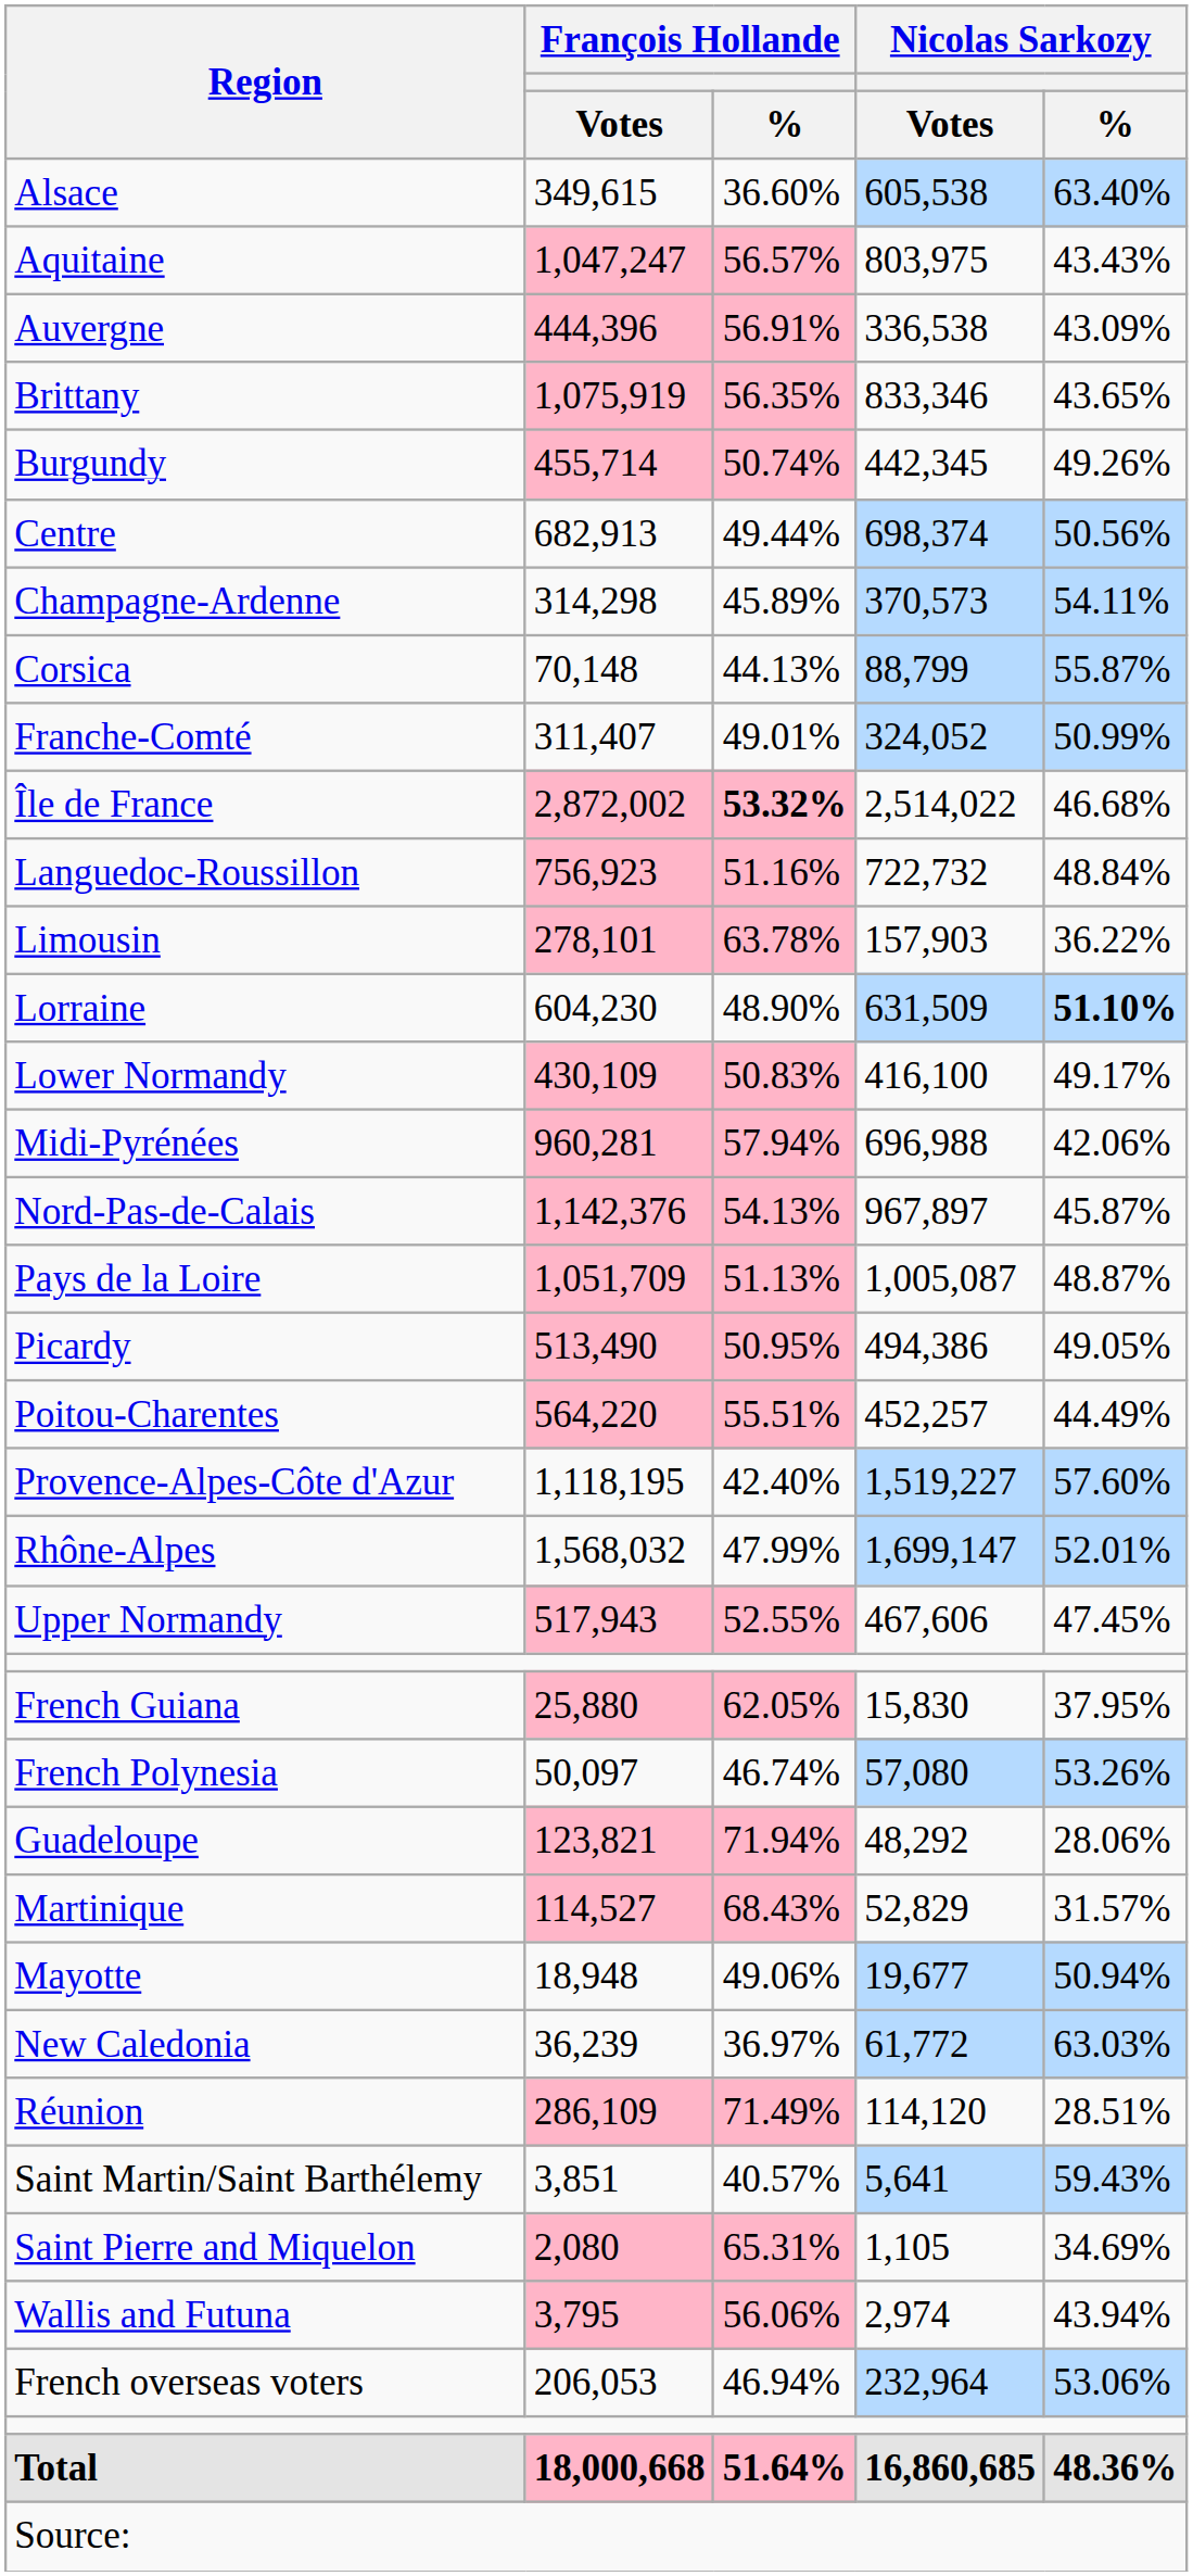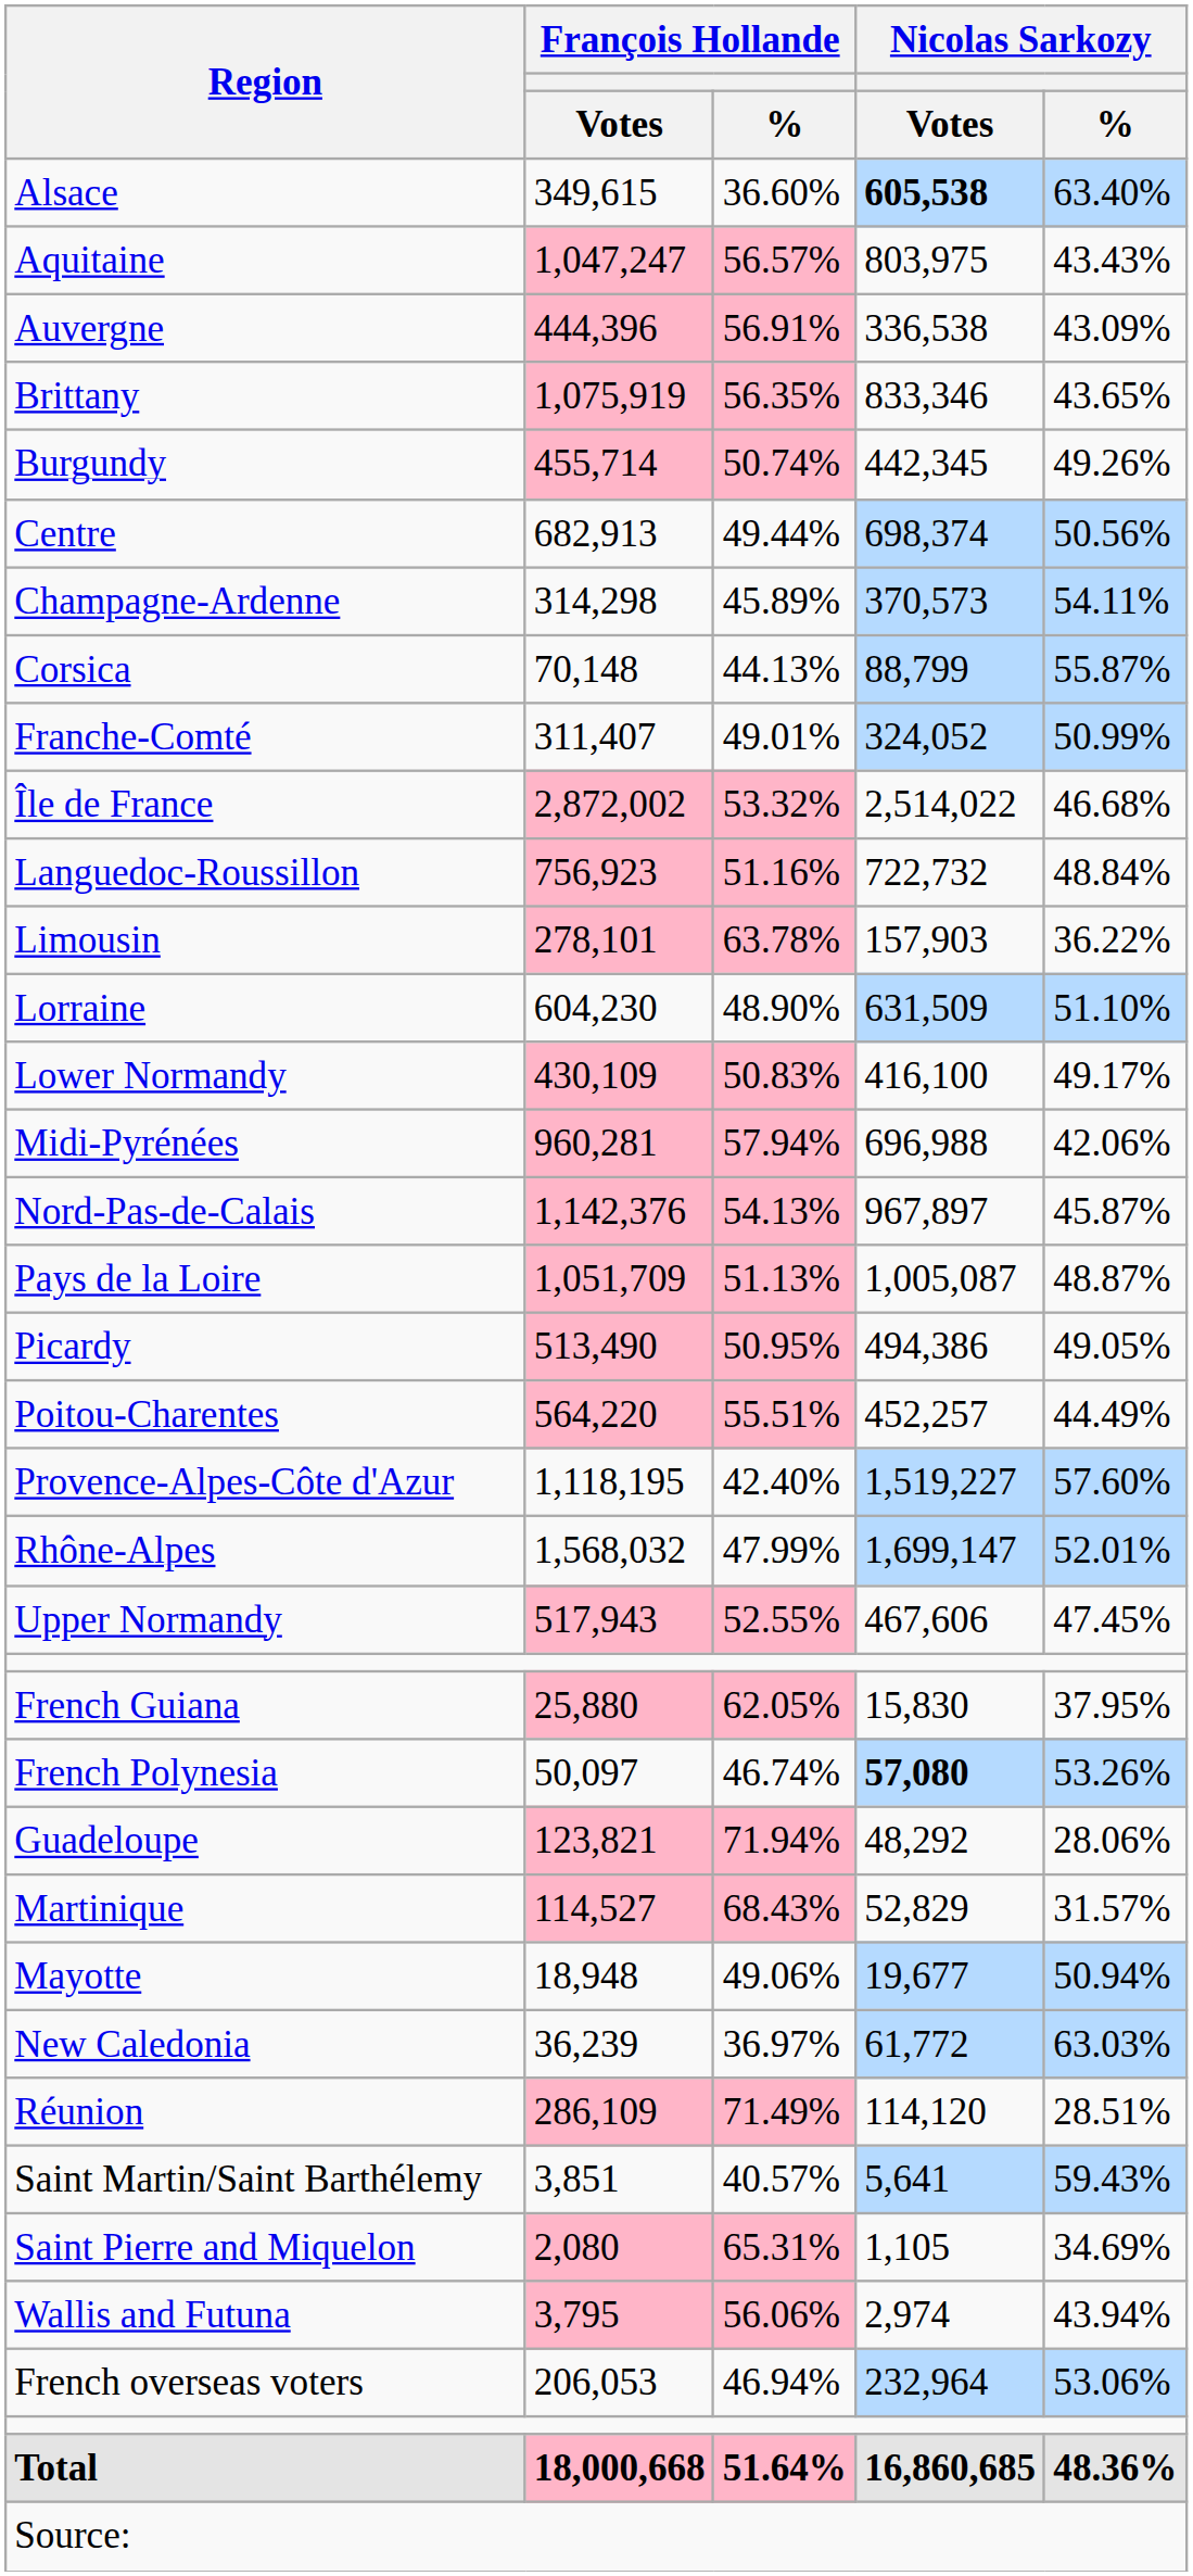 <table class="wikitable sortable collapsible collapsed tpl-blanktable" style="text-align:left; font-size:95%; line-height:20px;">
 <tr>
 <th width="200" rowspan="3"><a href='#'>Region</a></th>
 <th width="110" colspan="2"><a href='#'>François Hollande</a></th>
 <th width="110" colspan="2"><a href='#'>Nicolas Sarkozy</a></th>
 </tr>
 <tr>
 <th colspan="2" style="background:"></th>
 <th colspan="2" style="background:"></th>
 </tr>
 <tr>
 <th>Votes</th>
 <th>%</th>
 <th>Votes</th>
 <th>%</th>
 </tr>
 <tr>
 <td><a href='#'>Alsace</a></td>
 <td>349,615</td>
 <td>36.60%</td>
-<td style="background:#B5DAFF;">605,538</td>
+<td style="background:#B5DAFF;"><strong>605,538</strong></td>
 <td style="background:#B5DAFF;">63.40%</td>
 </tr>
 <tr>
 <td><a href='#'>Aquitaine</a></td>
 <td style="background:#FFB5C8;">1,047,247</td>
 <td style="background:#FFB5C8;">56.57%</td>
 <td>803,975</td>
 <td>43.43%</td>
 </tr>
 <tr>
 <td><a href='#'>Auvergne</a></td>
 <td style="background:#FFB5C8;">444,396</td>
 <td style="background:#FFB5C8;">56.91%</td>
 <td>336,538</td>
 <td>43.09%</td>
 </tr>
 <tr>
 <td><a href='#'>Brittany</a></td>
 <td style="background:#FFB5C8;">1,075,919</td>
 <td style="background:#FFB5C8;">56.35%</td>
 <td>833,346</td>
 <td>43.65%</td>
 </tr>
 <tr>
 <td><a href='#'>Burgundy</a></td>
 <td style="background:#FFB5C8;">455,714</td>
 <td style="background:#FFB5C8;">50.74%</td>
 <td>442,345</td>
 <td>49.26%</td>
 </tr>
 <tr>
 <td><a href='#'>Centre</a></td>
 <td>682,913</td>
 <td>49.44%</td>
 <td style="background:#B5DAFF;">698,374</td>
 <td style="background:#B5DAFF;">50.56%</td>
 </tr>
 <tr>
 <td><a href='#'>Champagne-Ardenne</a></td>
 <td>314,298</td>
 <td>45.89%</td>
 <td style="background:#B5DAFF;">370,573</td>
 <td style="background:#B5DAFF;">54.11%</td>
 </tr>
 <tr>
 <td><a href='#'>Corsica</a></td>
 <td>70,148</td>
 <td>44.13%</td>
 <td style="background:#B5DAFF;">88,799</td>
 <td style="background:#B5DAFF;">55.87%</td>
 </tr>
 <tr>
 <td><a href='#'>Franche-Comté</a></td>
 <td>311,407</td>
 <td>49.01%</td>
 <td style="background:#B5DAFF;">324,052</td>
 <td style="background:#B5DAFF;">50.99%</td>
 </tr>
 <tr>
 <td><a href='#'>Île de France</a></td>
 <td style="background:#FFB5C8;">2,872,002</td>
-<td style="background:#FFB5C8;"><strong>53.32%</strong></td>
+<td style="background:#FFB5C8;">53.32%</td>
 <td>2,514,022</td>
 <td>46.68%</td>
 </tr>
 <tr>
 <td><a href='#'>Languedoc-Roussillon</a></td>
 <td style="background:#FFB5C8;">756,923</td>
 <td style="background:#FFB5C8;">51.16%</td>
 <td>722,732</td>
 <td>48.84%</td>
 </tr>
 <tr>
 <td><a href='#'>Limousin</a></td>
 <td style="background:#FFB5C8;">278,101</td>
 <td style="background:#FFB5C8;">63.78%</td>
 <td>157,903</td>
 <td>36.22%</td>
 </tr>
 <tr>
 <td><a href='#'>Lorraine</a></td>
 <td>604,230</td>
 <td>48.90%</td>
 <td style="background:#B5DAFF;">631,509</td>
-<td style="background:#B5DAFF;"><strong>51.10%</strong></td>
+<td style="background:#B5DAFF;">51.10%</td>
 </tr>
 <tr>
 <td><a href='#'>Lower Normandy</a></td>
 <td style="background:#FFB5C8;">430,109</td>
 <td style="background:#FFB5C8;">50.83%</td>
 <td>416,100</td>
 <td>49.17%</td>
 </tr>
 <tr>
 <td><a href='#'>Midi-Pyrénées</a></td>
 <td style="background:#FFB5C8;">960,281</td>
 <td style="background:#FFB5C8;">57.94%</td>
 <td>696,988</td>
 <td>42.06%</td>
 </tr>
 <tr>
 <td><a href='#'>Nord-Pas-de-Calais</a></td>
 <td style="background:#FFB5C8;">1,142,376</td>
 <td style="background:#FFB5C8;">54.13%</td>
 <td>967,897</td>
 <td>45.87%</td>
 </tr>
 <tr>
 <td><a href='#'>Pays de la Loire</a></td>
 <td style="background:#FFB5C8;">1,051,709</td>
 <td style="background:#FFB5C8;">51.13%</td>
 <td>1,005,087</td>
 <td>48.87%</td>
 </tr>
 <tr>
 <td><a href='#'>Picardy</a></td>
 <td style="background:#FFB5C8;">513,490</td>
 <td style="background:#FFB5C8;">50.95%</td>
 <td>494,386</td>
 <td>49.05%</td>
 </tr>
 <tr>
 <td><a href='#'>Poitou-Charentes</a></td>
 <td style="background:#FFB5C8;">564,220</td>
 <td style="background:#FFB5C8;">55.51%</td>
 <td>452,257</td>
 <td>44.49%</td>
 </tr>
 <tr>
 <td><a href='#'>Provence-Alpes-Côte d'Azur</a></td>
 <td>1,118,195</td>
 <td>42.40%</td>
 <td style="background:#B5DAFF;">1,519,227</td>
 <td style="background:#B5DAFF;">57.60%</td>
 </tr>
 <tr>
 <td><a href='#'>Rhône-Alpes</a></td>
 <td>1,568,032</td>
 <td>47.99%</td>
 <td style="background:#B5DAFF;">1,699,147</td>
 <td style="background:#B5DAFF;">52.01%</td>
 </tr>
 <tr>
 <td><a href='#'>Upper Normandy</a></td>
 <td style="background:#FFB5C8;">517,943</td>
 <td style="background:#FFB5C8;">52.55%</td>
 <td>467,606</td>
 <td>47.45%</td>
 </tr>
 <tr>
 <td colspan="5"></td>
 </tr>
 <tr>
 <td><a href='#'>French Guiana</a></td>
 <td style="background:#FFB5C8;">25,880</td>
 <td style="background:#FFB5C8;">62.05%</td>
 <td>15,830</td>
 <td>37.95%</td>
 </tr>
 <tr>
 <td><a href='#'>French Polynesia</a></td>
 <td>50,097</td>
 <td>46.74%</td>
-<td style="background:#B5DAFF;">57,080</td>
+<td style="background:#B5DAFF;"><strong>57,080</strong></td>
 <td style="background:#B5DAFF;">53.26%</td>
 </tr>
 <tr>
 <td><a href='#'>Guadeloupe</a></td>
 <td style="background:#FFB5C8;">123,821</td>
 <td style="background:#FFB5C8;">71.94%</td>
 <td>48,292</td>
 <td>28.06%</td>
 </tr>
 <tr>
 <td><a href='#'>Martinique</a></td>
 <td style="background:#FFB5C8;">114,527</td>
 <td style="background:#FFB5C8;">68.43%</td>
 <td>52,829</td>
 <td>31.57%</td>
 </tr>
 <tr>
 <td><a href='#'>Mayotte</a></td>
 <td>18,948</td>
 <td>49.06%</td>
 <td style="background:#B5DAFF;">19,677</td>
 <td style="background:#B5DAFF;">50.94%</td>
 </tr>
 <tr>
 <td><a href='#'>New Caledonia</a></td>
 <td>36,239</td>
 <td>36.97%</td>
 <td style="background:#B5DAFF;">61,772</td>
 <td style="background:#B5DAFF;">63.03%</td>
 </tr>
 <tr>
 <td><a href='#'>Réunion</a></td>
 <td style="background:#FFB5C8;">286,109</td>
 <td style="background:#FFB5C8;">71.49%</td>
 <td>114,120</td>
 <td>28.51%</td>
 </tr>
 <tr>
 <td>Saint Martin/Saint Barthélemy</td>
 <td>3,851</td>
 <td>40.57%</td>
 <td style="background:#B5DAFF;">5,641</td>
 <td style="background:#B5DAFF;">59.43%</td>
 </tr>
 <tr>
 <td><a href='#'>Saint Pierre and Miquelon</a></td>
 <td style="background:#FFB5C8;">2,080</td>
 <td style="background:#FFB5C8;">65.31%</td>
 <td>1,105</td>
 <td>34.69%</td>
 </tr>
 <tr>
 <td style="text-align:left;"><a href='#'>Wallis and Futuna</a></td>
 <td style="background:#FFB5C8;">3,795</td>
 <td style="background:#FFB5C8;">56.06%</td>
 <td>2,974</td>
 <td>43.94%</td>
 </tr>
 <tr>
 <td>French overseas voters</td>
 <td>206,053</td>
 <td>46.94%</td>
 <td style="background:#B5DAFF;">232,964</td>
 <td style="background:#B5DAFF;">53.06%</td>
 </tr>
 <tr>
 <td colspan="5"></td>
 </tr>
 <tr style="font-weight:bold; background:#E4E4E4;">
 <td>Total</td>
 <td style="background:#FFB5C8;">18,000,668</td>
 <td style="background:#FFB5C8;">51.64%</td>
 <td>16,860,685</td>
 <td>48.36%</td>
 </tr>
 <tr>
 <td colspan="5" style="text-align:left;">Source:  </td>
 </tr>
 </table>
